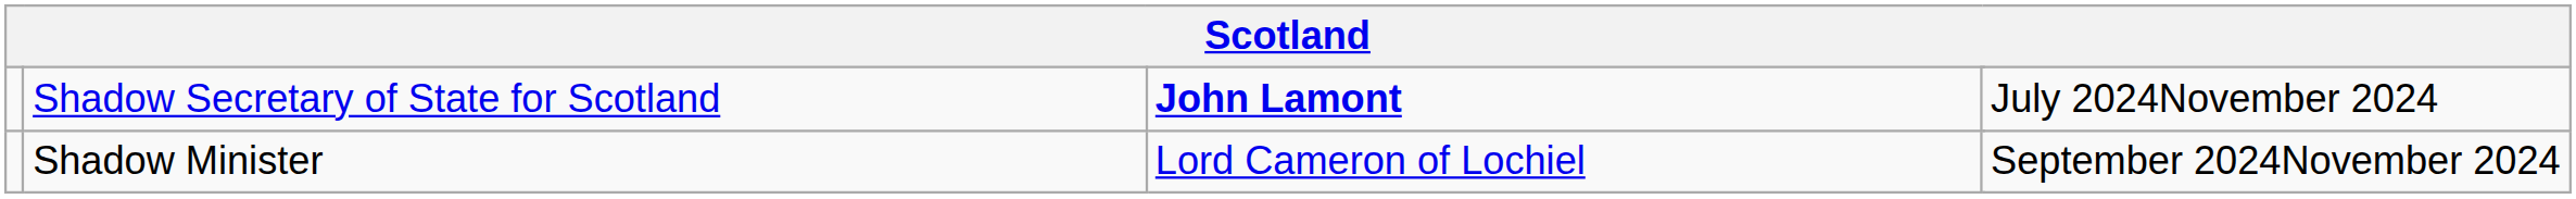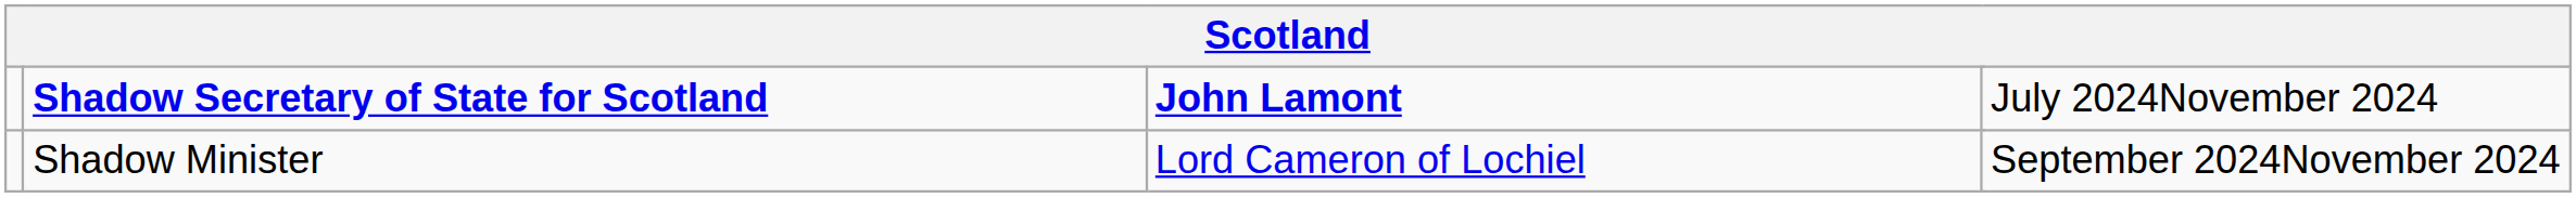 <table class="wikitable">
 <tr>
 <th colspan="5"><a href='#'>Scotland</a></th>
 </tr>
 <tr>
 <td style="background: "></td>
-<td style="width: 450px;"><a href='#'>Shadow Secretary of State for Scotland</a></td>
+<td style="width: 450px;"><strong><a href='#'>Shadow Secretary of State for Scotland</a></strong></td>
 <td colspan="2" style="width: 333px;"><strong><a href='#'>John Lamont</a></strong></td>
 <td>July 2024November 2024</td>
 </tr>
 <tr>
 <td style="background: "></td>
 <td>Shadow Minister</td>
 <td colspan="2"><a href='#'>Lord Cameron of Lochiel</a></td>
 <td>September 2024November 2024</td>
 </tr>
 </table>
